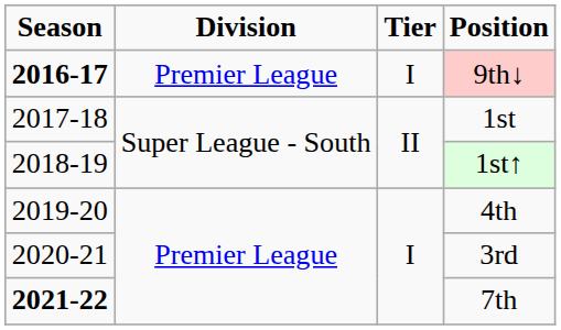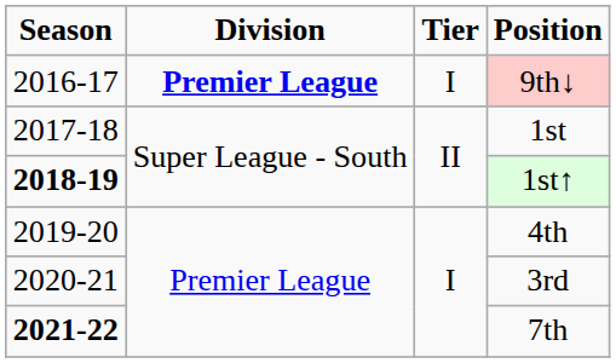 <table class="wikitable" bgcolor="#dfdfdf">
 <tr align="center">
 <td><strong>Season</strong></td>
 <td><strong>Division</strong></td>
 <td><strong>Tier</strong></td>
 <td><strong>Position</strong></td>
 </tr>
 <tr align="center">
-<td><strong>2016-17</strong></td>
-<td align="center"><a href='#'>Premier League</a></td>
+<td>2016-17</td>
+<td align="center"><strong><a href='#'>Premier League</a></strong></td>
 <td align="center">I</td>
 <td bgcolor="#ffcccc">9th↓</td>
 </tr>
 <tr align="center">
 <td>2017-18</td>
 <td rowspan=2 align="center">Super League - South</td>
 <td rowspan=2 align="center">II</td>
 <td>1st</td>
 </tr>
 <tr align="center">
-<td>2018-19</td>
+<td><strong>2018-19</strong></td>
 <td bgcolor="#ddffdd">1st↑</td>
 </tr>
 <tr align="center">
 <td>2019-20</td>
 <td rowspan=3 align="center"><a href='#'>Premier League</a></td>
 <td rowspan=3 align="center">I</td>
 <td>4th</td>
 </tr>
 <tr align="center">
 <td>2020-21</td>
 <td>3rd</td>
 </tr>
 <tr align="center">
 <td><strong>2021-22</strong></td>
 <td>7th</td>
 </tr>
 </table>
